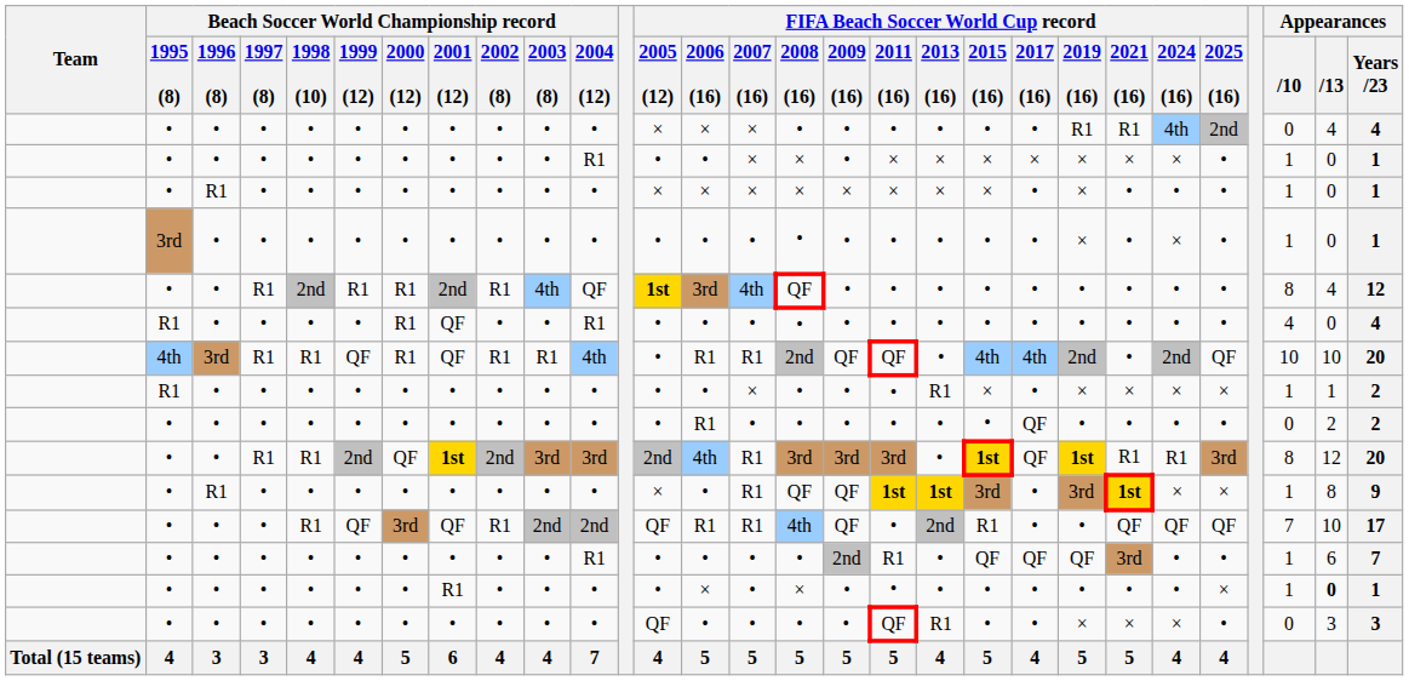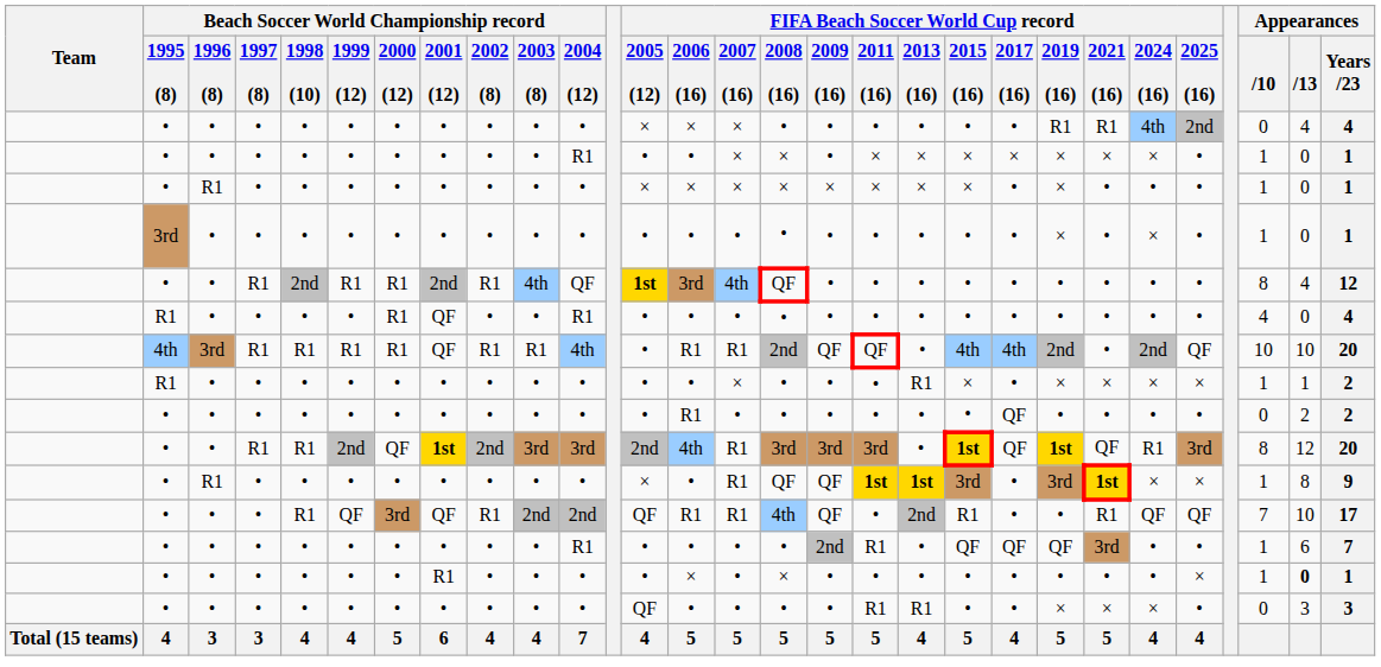 <table class="wikitable" style="text-align:center; font-size:85%;">
 <tr>
 <th rowspan=2 valign=center>Team</th>
 <th colspan=10>Beach Soccer World Championship record</th>
 <th width=5 rowspan=18></th>
 <th colspan=13><a href='#'>FIFA Beach Soccer World Cup</a> record</th>
 <th width=5 rowspan=18></th>
 <th colspan=3>Appearances</th>
 </tr>
 <tr>
 <th><a href='#'>1995</a><br><br>(8)</th>
 <th><a href='#'>1996</a><br><br>(8)</th>
 <th><a href='#'>1997</a><br><br>(8)</th>
 <th><a href='#'>1998</a><br><br>(10)</th>
 <th><a href='#'>1999</a><br><br>(12)</th>
 <th><a href='#'>2000</a><br><br>(12)</th>
 <th><a href='#'>2001</a><br><br>(12)</th>
 <th><a href='#'>2002</a><br><br>(8)</th>
 <th><a href='#'>2003</a><br><br>(8)</th>
 <th><a href='#'>2004</a><br><br>(12)</th>
 <th><a href='#'>2005</a><br><br>(12)</th>
 <th><a href='#'>2006</a><br><br>(16)</th>
 <th><a href='#'>2007</a><br><br>(16)</th>
 <th><a href='#'>2008</a><br><br>(16)</th>
 <th><a href='#'>2009</a><br><br>(16)</th>
 <th><a href='#'>2011</a><br><br>(16)</th>
 <th><a href='#'>2013</a><br><br>(16)</th>
 <th><a href='#'>2015</a><br><br>(16)</th>
 <th><a href='#'>2017</a><br><br>(16)</th>
 <th><a href='#'>2019</a><br><br>(16)</th>
 <th><a href='#'>2021</a><br><br>(16)</th>
 <th><a href='#'>2024</a><br><br>(16)</th>
 <th><a href='#'>2025</a><br><br>(16)</th>
 <th width=30><br>/10</th>
 <th><br>/13</th>
 <th>Years<br>/23</th>
 </tr>
 <tr>
 <td align=left></td>
 <td>•</td>
 <td>•</td>
 <td>•</td>
 <td>•</td>
 <td>•</td>
 <td>•</td>
 <td>•</td>
 <td>•</td>
 <td>•</td>
 <td>•</td>
 <td>×</td>
 <td>×</td>
 <td>×</td>
 <td>•</td>
 <td>•</td>
 <td>•</td>
 <td>•</td>
 <td>•</td>
 <td>•</td>
 <td>R1<br></td>
 <td>R1<br></td>
 <td bgcolor=#9acdff>4th</td>
 <td bgcolor=silver>2nd</td>
 <td>0</td>
 <td>4</td>
 <th>4</th>
 </tr>
 <tr>
 <td align=left></td>
 <td>•</td>
 <td>•</td>
 <td>•</td>
 <td>•</td>
 <td>•</td>
 <td>•</td>
 <td>•</td>
 <td>•</td>
 <td>•</td>
 <td>R1<br></td>
 <td>•</td>
 <td>•</td>
 <td>×</td>
 <td>×</td>
 <td>•</td>
 <td>×</td>
 <td>×</td>
 <td>×</td>
 <td>×</td>
 <td>×</td>
 <td>×</td>
 <td>×</td>
 <td>•</td>
 <td>1</td>
 <td>0</td>
 <th>1</th>
 </tr>
 <tr>
 <td align=left></td>
 <td>•</td>
 <td>R1<br></td>
 <td>•</td>
 <td>•</td>
 <td>•</td>
 <td>•</td>
 <td>•</td>
 <td>•</td>
 <td>•</td>
 <td>•</td>
 <td>×</td>
 <td>×</td>
 <td>×</td>
 <td>×</td>
 <td>×</td>
 <td>×</td>
 <td>×</td>
 <td>×</td>
 <td>•</td>
 <td>×</td>
 <td>•</td>
 <td>•</td>
 <td>•</td>
 <td>1</td>
 <td>0</td>
 <th>1</th>
 </tr>
 <tr>
 <td align=left></td>
 <td bgcolor=#cc9966 height=40>3rd</td>
 <td>•</td>
 <td>•</td>
 <td>•</td>
 <td>•</td>
 <td>•</td>
 <td>•</td>
 <td>•</td>
 <td>•</td>
 <td>•</td>
 <td>•</td>
 <td>•</td>
 <td>•</td>
 <td>•</td>
 <td>•</td>
 <td>•</td>
 <td>•</td>
 <td>•</td>
 <td>•</td>
 <td>×</td>
 <td>•</td>
 <td>×</td>
 <td>•</td>
 <td>1</td>
 <td>0</td>
 <th>1</th>
 </tr>
 <tr>
 <td align=left></td>
 <td>•</td>
 <td>•</td>
 <td>R1<br></td>
 <td bgcolor=silver>2nd</td>
 <td>R1<br></td>
 <td>R1<br></td>
 <td bgcolor=silver>2nd</td>
 <td>R1<br></td>
 <td bgcolor=#9acdff>4th</td>
 <td>QF<br></td>
 <td bgcolor=gold><strong>1st</strong></td>
 <td bgcolor=#cc9966>3rd</td>
 <td bgcolor=#9acdff>4th</td>
 <td style="border:3px solid red">QF<br></td>
 <td>•</td>
 <td>•</td>
 <td>•</td>
 <td>•</td>
 <td>•</td>
 <td>•</td>
 <td>•</td>
 <td>•</td>
 <td>•</td>
 <td>8</td>
 <td>4</td>
 <th>12</th>
 </tr>
 <tr>
 <td align=left></td>
 <td>R1<br></td>
 <td>•</td>
 <td>•</td>
 <td>•</td>
 <td>•</td>
 <td>R1<br></td>
 <td>QF<br></td>
 <td>•</td>
 <td>•</td>
 <td>R1<br></td>
 <td>•</td>
 <td>•</td>
 <td>•</td>
 <td>•</td>
 <td>•</td>
 <td>•</td>
 <td>•</td>
 <td>•</td>
 <td>•</td>
 <td>•</td>
 <td>•</td>
 <td>•</td>
 <td>•</td>
 <td>4</td>
 <td>0</td>
 <th>4</th>
 </tr>
 <tr>
 <td align=left></td>
 <td bgcolor=#9acdff>4th</td>
 <td bgcolor=#cc9966>3rd</td>
 <td>R1<br></td>
 <td>R1<br></td>
-<td>QF<br></td>
+<td>R1<br></td>
 <td>R1<br></td>
 <td>QF<br></td>
 <td>R1<br></td>
 <td>R1<br></td>
 <td bgcolor=#9acdff>4th</td>
 <td>•</td>
 <td>R1<br></td>
 <td>R1<br></td>
 <td bgcolor=silver>2nd</td>
 <td>QF<br></td>
 <td style="border:3px solid red">QF<br></td>
 <td>•</td>
 <td bgcolor=#9acdff>4th</td>
 <td bgcolor=#9acdff>4th</td>
 <td bgcolor=silver>2nd</td>
 <td>•</td>
 <td bgcolor=silver>2nd</td>
 <td>QF</td>
 <td>10</td>
 <td>10</td>
 <th>20</th>
 </tr>
 <tr>
 <td align=left></td>
 <td>R1<br></td>
 <td>•</td>
 <td>•</td>
 <td>•</td>
 <td>•</td>
 <td>•</td>
 <td>•</td>
 <td>•</td>
 <td>•</td>
 <td>•</td>
 <td>•</td>
 <td>•</td>
 <td>×</td>
 <td>•</td>
 <td>•</td>
 <td>•</td>
 <td>R1<br></td>
 <td>×</td>
 <td>•</td>
 <td>×</td>
 <td>×</td>
 <td>×</td>
 <td>×</td>
 <td>1</td>
 <td>1</td>
 <th>2</th>
 </tr>
 <tr>
 <td align=left></td>
 <td>•</td>
 <td>•</td>
 <td>•</td>
 <td>•</td>
 <td>•</td>
 <td>•</td>
 <td>•</td>
 <td>•</td>
 <td>•</td>
 <td>•</td>
 <td>•</td>
 <td>R1<br></td>
 <td>•</td>
 <td>•</td>
 <td>•</td>
 <td>•</td>
 <td>•</td>
 <td>•</td>
 <td>QF<br></td>
 <td>•</td>
 <td>•</td>
 <td>•</td>
 <td>•</td>
 <td>0</td>
 <td>2</td>
 <th>2</th>
 </tr>
 <tr>
 <td align=left></td>
 <td>•</td>
 <td>•</td>
 <td>R1<br></td>
 <td>R1<br></td>
 <td bgcolor=silver>2nd</td>
 <td>QF<br></td>
 <td bgcolor=gold><strong>1st</strong></td>
 <td bgcolor=silver>2nd</td>
 <td bgcolor=#cc9966>3rd</td>
 <td bgcolor=#cc9966>3rd</td>
 <td bgcolor=silver>2nd</td>
 <td bgcolor=#9acdff>4th</td>
 <td>R1<br></td>
 <td bgcolor=#cc9966>3rd</td>
 <td bgcolor=#cc9966>3rd</td>
 <td bgcolor=#cc9966>3rd</td>
 <td>•</td>
 <td bgcolor=gold style="border:3px solid red"><strong>1st</strong></td>
 <td>QF<br></td>
 <td bgcolor=gold><strong>1st</strong></td>
-<td>R1<br></td>
+<td>QF<br></td>
 <td>R1<br></td>
 <td bgcolor=#cc9966>3rd</td>
 <td>8</td>
 <td>12</td>
 <th>20</th>
 </tr>
 <tr>
 <td align=left></td>
 <td>•</td>
 <td>R1<br></td>
 <td>•</td>
 <td>•</td>
 <td>•</td>
 <td>•</td>
 <td>•</td>
 <td>•</td>
 <td>•</td>
 <td>•</td>
 <td>×</td>
 <td>•</td>
 <td>R1<br></td>
 <td>QF<br></td>
 <td>QF<br></td>
 <td bgcolor=gold><strong>1st</strong></td>
 <td bgcolor=gold><strong>1st</strong></td>
 <td bgcolor=#cc9966>3rd</td>
 <td>•</td>
 <td bgcolor=#cc9966>3rd</td>
 <td bgcolor=gold style="border:3px solid red"><strong>1st</strong></td>
 <td>×</td>
 <td>×</td>
 <td>1</td>
 <td>8</td>
 <th>9</th>
 </tr>
 <tr>
 <td align=left></td>
 <td>•</td>
 <td>•</td>
 <td>•</td>
 <td>R1<br></td>
 <td>QF<br></td>
 <td bgcolor=#cc9966>3rd</td>
 <td>QF<br></td>
 <td>R1<br></td>
 <td bgcolor=silver>2nd</td>
 <td bgcolor=silver>2nd</td>
 <td>QF<br></td>
 <td>R1<br></td>
 <td>R1<br></td>
 <td bgcolor=#9acdff>4th</td>
 <td>QF<br></td>
 <td>•</td>
 <td bgcolor=silver>2nd</td>
 <td>R1<br></td>
 <td>•</td>
 <td>•</td>
-<td>QF<br></td>
+<td>R1<br></td>
 <td>QF<br></td>
 <td>QF</td>
 <td>7</td>
 <td>10</td>
 <th>17</th>
 </tr>
 <tr>
 <td align=left></td>
 <td>•</td>
 <td>•</td>
 <td>•</td>
 <td>•</td>
 <td>•</td>
 <td>•</td>
 <td>•</td>
 <td>•</td>
 <td>•</td>
 <td>R1<br></td>
 <td>•</td>
 <td>•</td>
 <td>•</td>
 <td>•</td>
 <td bgcolor=silver>2nd</td>
 <td>R1<br></td>
 <td>•</td>
 <td>QF<br></td>
 <td>QF<br></td>
 <td>QF<br></td>
 <td bgcolor=#cc9966>3rd</td>
 <td>•</td>
 <td>•</td>
 <td>1</td>
 <td>6</td>
 <th>7</th>
 </tr>
 <tr>
 <td align=left></td>
 <td>•</td>
 <td>•</td>
 <td>•</td>
 <td>•</td>
 <td>•</td>
 <td>•</td>
 <td>R1<br></td>
 <td>•</td>
 <td>•</td>
 <td>•</td>
 <td>•</td>
 <td>×</td>
 <td>•</td>
 <td>×</td>
 <td>•</td>
 <td>•</td>
 <td>•</td>
 <td>•</td>
 <td>•</td>
 <td>•</td>
 <td>•</td>
 <td>•</td>
 <td>×</td>
 <td>1</td>
 <td><strong>0</strong></td>
 <th>1</th>
 </tr>
 <tr>
 <td align=left></td>
 <td>•</td>
 <td>•</td>
 <td>•</td>
 <td>•</td>
 <td>•</td>
 <td>•</td>
 <td>•</td>
 <td>•</td>
 <td>•</td>
 <td>•</td>
 <td>QF<br></td>
 <td>•</td>
 <td>•</td>
 <td>•</td>
 <td>•</td>
-<td style="border:3px solid red">QF<br></td>
+<td>R1<br></td>
 <td>R1<br></td>
 <td>•</td>
 <td>•</td>
 <td>×</td>
 <td>×</td>
 <td>×</td>
 <td>•</td>
 <td>0</td>
 <td>3</td>
 <th>3</th>
 </tr>
 <tr>
 <th align=centre><strong>Total (15 teams)</strong></th>
 <th><strong>4</strong></th>
 <th><strong>3</strong></th>
 <th><strong>3</strong></th>
 <th><strong>4</strong></th>
 <th><strong>4</strong></th>
 <th><strong>5</strong></th>
 <th><strong>6</strong></th>
 <th><strong>4</strong></th>
 <th><strong>4</strong></th>
 <th><strong>7</strong></th>
 <th><strong>4</strong></th>
 <th><strong>5</strong></th>
 <th><strong>5</strong></th>
 <th><strong>5</strong></th>
 <th><strong>5</strong></th>
 <th><strong>5</strong></th>
 <th><strong>4</strong></th>
 <th><strong>5</strong></th>
 <th><strong>4</strong></th>
 <th><strong>5</strong></th>
 <th><strong>5</strong></th>
 <th><strong>4</strong></th>
 <th><strong>4</strong></th>
 <th></th>
 <th></th>
 <th></th>
 </tr>
 </table>
